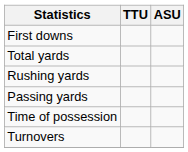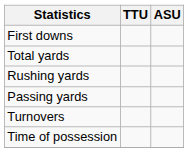 <table class="wikitable" style="float: left;">
 <tr>
 <th>Statistics</th>
 <th>TTU</th>
 <th>ASU</th>
 </tr>
 <tr>
 <td>First downs</td>
 <td></td>
 <td></td>
 </tr>
 <tr>
 <td>Total yards</td>
 <td></td>
 <td></td>
 </tr>
 <tr>
 <td>Rushing yards</td>
 <td></td>
 <td></td>
 </tr>
 <tr>
 <td>Passing yards</td>
 <td></td>
 <td></td>
 </tr>
 <tr>
-<td>Time of possession</td>
+<td>Turnovers</td>
 <td></td>
 <td></td>
 </tr>
 <tr>
-<td>Turnovers</td>
+<td>Time of possession</td>
 <td></td>
 <td></td>
 </tr>
 <tr>
 </tr>
 </table>
